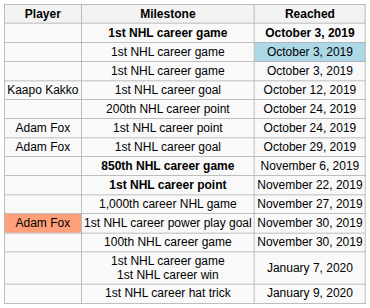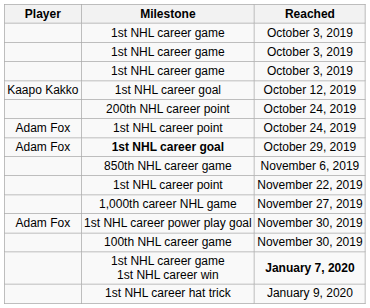 <table class="wikitable sortable" style="text-align:center;">
 <tr>
 <th>Player</th>
 <th>Milestone</th>
 <th>Reached</th>
 </tr>
 <tr>
 <td></td>
-<td><strong>1st NHL career game</strong></td>
-<td><strong>October 3, 2019</strong></td>
+<td>1st NHL career game</td>
+<td>October 3, 2019</td>
 </tr>
 <tr>
 <td></td>
 <td>1st NHL career game</td>
-<td style="background: lightblue;">October 3, 2019</td>
+<td>October 3, 2019</td>
 </tr>
 <tr>
 <td></td>
 <td>1st NHL career game</td>
 <td>October 3, 2019</td>
 </tr>
 <tr>
 <td>Kaapo Kakko</td>
 <td>1st NHL career goal</td>
 <td>October 12, 2019</td>
 </tr>
 <tr>
 <td></td>
 <td>200th NHL career point</td>
 <td>October 24, 2019</td>
 </tr>
 <tr>
 <td>Adam Fox</td>
 <td>1st NHL career point</td>
 <td>October 24, 2019</td>
 </tr>
 <tr>
 <td>Adam Fox</td>
-<td>1st NHL career goal</td>
+<td><strong>1st NHL career goal</strong></td>
 <td>October 29, 2019</td>
 </tr>
 <tr>
 <td></td>
-<td><strong>850th NHL career game</strong></td>
+<td>850th NHL career game</td>
 <td>November 6, 2019</td>
 </tr>
 <tr>
 <td></td>
-<td><strong>1st NHL career point</strong></td>
+<td>1st NHL career point</td>
 <td>November 22, 2019</td>
 </tr>
 <tr>
 <td></td>
 <td>1,000th career NHL game</td>
 <td>November 27, 2019</td>
 </tr>
 <tr>
-<td style="background: lightsalmon;">Adam Fox</td>
+<td>Adam Fox</td>
 <td>1st NHL career power play goal</td>
 <td>November 30, 2019</td>
 </tr>
 <tr>
 <td></td>
 <td>100th NHL career game</td>
 <td>November 30, 2019</td>
 </tr>
 <tr>
 <td></td>
 <td>1st NHL career game<br>1st NHL career win</td>
-<td>January 7, 2020</td>
+<td><strong>January 7, 2020</strong></td>
 </tr>
 <tr>
 <td></td>
 <td>1st NHL career hat trick</td>
 <td>January 9, 2020</td>
 </tr>
 </table>
